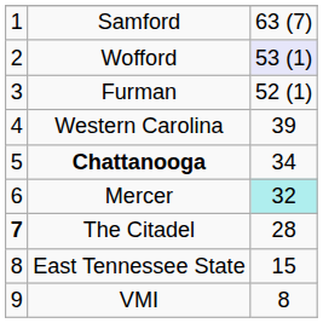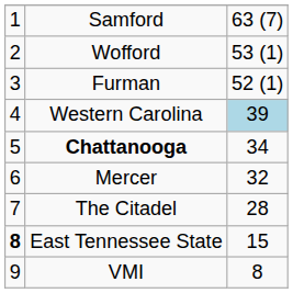 <table class="wikitable" style="display: inline-table;">
 <tr align="center">
 </tr>
 <tr align="center">
 <td>1</td>
 <td>Samford</td>
 <td>63 (7)</td>
 </tr>
 <tr align="center">
 <td>2</td>
 <td>Wofford</td>
-<td style="background: lavender;">53 (1)</td>
+<td>53 (1)</td>
 </tr>
 <tr align="center">
 <td>3</td>
 <td>Furman</td>
 <td>52 (1)</td>
 </tr>
 <tr align="center">
 <td>4</td>
 <td>Western Carolina</td>
-<td>39</td>
+<td style="background: lightblue;">39</td>
 </tr>
 <tr align="center">
 <td>5</td>
 <td><strong>Chattanooga</strong></td>
 <td>34</td>
 </tr>
 <tr align="center">
 <td>6</td>
 <td>Mercer</td>
-<td style="background: paleturquoise;">32</td>
+<td>32</td>
 </tr>
 <tr align="center">
-<td><strong>7</strong></td>
+<td>7</td>
 <td>The Citadel</td>
 <td>28</td>
 </tr>
 <tr align="center">
-<td>8</td>
+<td><strong>8</strong></td>
 <td>East Tennessee State</td>
 <td>15</td>
 </tr>
 <tr align="center">
 <td>9</td>
 <td>VMI</td>
 <td>8</td>
 </tr>
 </table>
